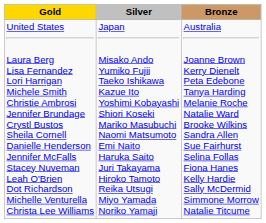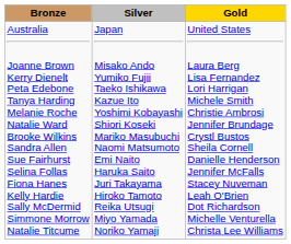 <table class="wikitable">
 <tr style="text-align:center;">
+<td !  style="background:#c96;"><strong>Bronze</strong></td>
+<td !  style="background:silver;"><strong>Silver</strong></td>
 <td !  style="background:gold;"><strong>Gold</strong></td>
-<td !  style="background:silver;"><strong>Silver</strong></td>
-<td !  style="background:#c96;"><strong>Bronze</strong></td>
 </tr>
 <tr valign=top>
+<td> <a href='#'>Australia</a><hr><br><a href='#'>Joanne Brown</a><br> <a href='#'>Kerry Dienelt</a><br> <a href='#'>Peta Edebone</a><br> <a href='#'>Tanya Harding</a><br> <a href='#'>Melanie Roche</a><br> <a href='#'>Natalie Ward</a><br> <a href='#'>Brooke Wilkins</a><br> <a href='#'>Sandra Allen</a><br> <a href='#'>Sue Fairhurst</a><br> <a href='#'>Selina Follas</a><br> <a href='#'>Fiona Hanes</a><br> <a href='#'>Kelly Hardie</a><br> <a href='#'>Sally McDermid</a><br> <a href='#'>Simmone Morrow</a><br> <a href='#'>Natalie Titcume</a></td>
+<td> <a href='#'>Japan</a><hr><br><a href='#'>Misako Ando</a><br> <a href='#'>Yumiko Fujii</a><br>  <a href='#'>Taeko Ishikawa</a><br> <a href='#'>Kazue Ito</a><br>  <a href='#'>Yoshimi Kobayashi</a><br>  <a href='#'>Shiori Koseki</a><br> <a href='#'>Mariko Masubuchi</a><br>  <a href='#'>Naomi Matsumoto</a><br>  <a href='#'>Emi Naito</a><br>  <a href='#'>Haruka Saito</a><br>  <a href='#'>Juri Takayama</a><br>  <a href='#'>Hiroko Tamoto</a><br> <a href='#'>Reika Utsugi</a><br>  <a href='#'>Miyo Yamada</a><br>  <a href='#'>Noriko Yamaji</a></td>
 <td> <a href='#'>United States</a><hr><br><a href='#'>Laura Berg</a><br> <a href='#'>Lisa Fernandez</a><br> <a href='#'>Lori Harrigan</a><br> <a href='#'>Michele Smith</a><br> <a href='#'>Christie Ambrosi</a><br> <a href='#'>Jennifer Brundage</a> <br> <a href='#'>Crystl Bustos</a><br> <a href='#'>Sheila Cornell</a><br> <a href='#'>Danielle Henderson</a><br> <a href='#'>Jennifer McFalls</a><br> <a href='#'>Stacey Nuveman</a><br> <a href='#'>Leah O'Brien</a><br> <a href='#'>Dot Richardson</a><br>  <a href='#'>Michelle Venturella</a><br> <a href='#'>Christa Lee Williams</a></td>
-<td> <a href='#'>Japan</a><hr><br><a href='#'>Misako Ando</a><br> <a href='#'>Yumiko Fujii</a><br>  <a href='#'>Taeko Ishikawa</a><br> <a href='#'>Kazue Ito</a><br>  <a href='#'>Yoshimi Kobayashi</a><br>  <a href='#'>Shiori Koseki</a><br> <a href='#'>Mariko Masubuchi</a><br>  <a href='#'>Naomi Matsumoto</a><br>  <a href='#'>Emi Naito</a><br>  <a href='#'>Haruka Saito</a><br>  <a href='#'>Juri Takayama</a><br>  <a href='#'>Hiroko Tamoto</a><br> <a href='#'>Reika Utsugi</a><br>  <a href='#'>Miyo Yamada</a><br>  <a href='#'>Noriko Yamaji</a></td>
-<td> <a href='#'>Australia</a><hr><br><a href='#'>Joanne Brown</a><br> <a href='#'>Kerry Dienelt</a><br> <a href='#'>Peta Edebone</a><br> <a href='#'>Tanya Harding</a><br> <a href='#'>Melanie Roche</a><br> <a href='#'>Natalie Ward</a><br> <a href='#'>Brooke Wilkins</a><br> <a href='#'>Sandra Allen</a><br> <a href='#'>Sue Fairhurst</a><br> <a href='#'>Selina Follas</a><br> <a href='#'>Fiona Hanes</a><br> <a href='#'>Kelly Hardie</a><br> <a href='#'>Sally McDermid</a><br> <a href='#'>Simmone Morrow</a><br> <a href='#'>Natalie Titcume</a></td>
 </tr>
 </table>
